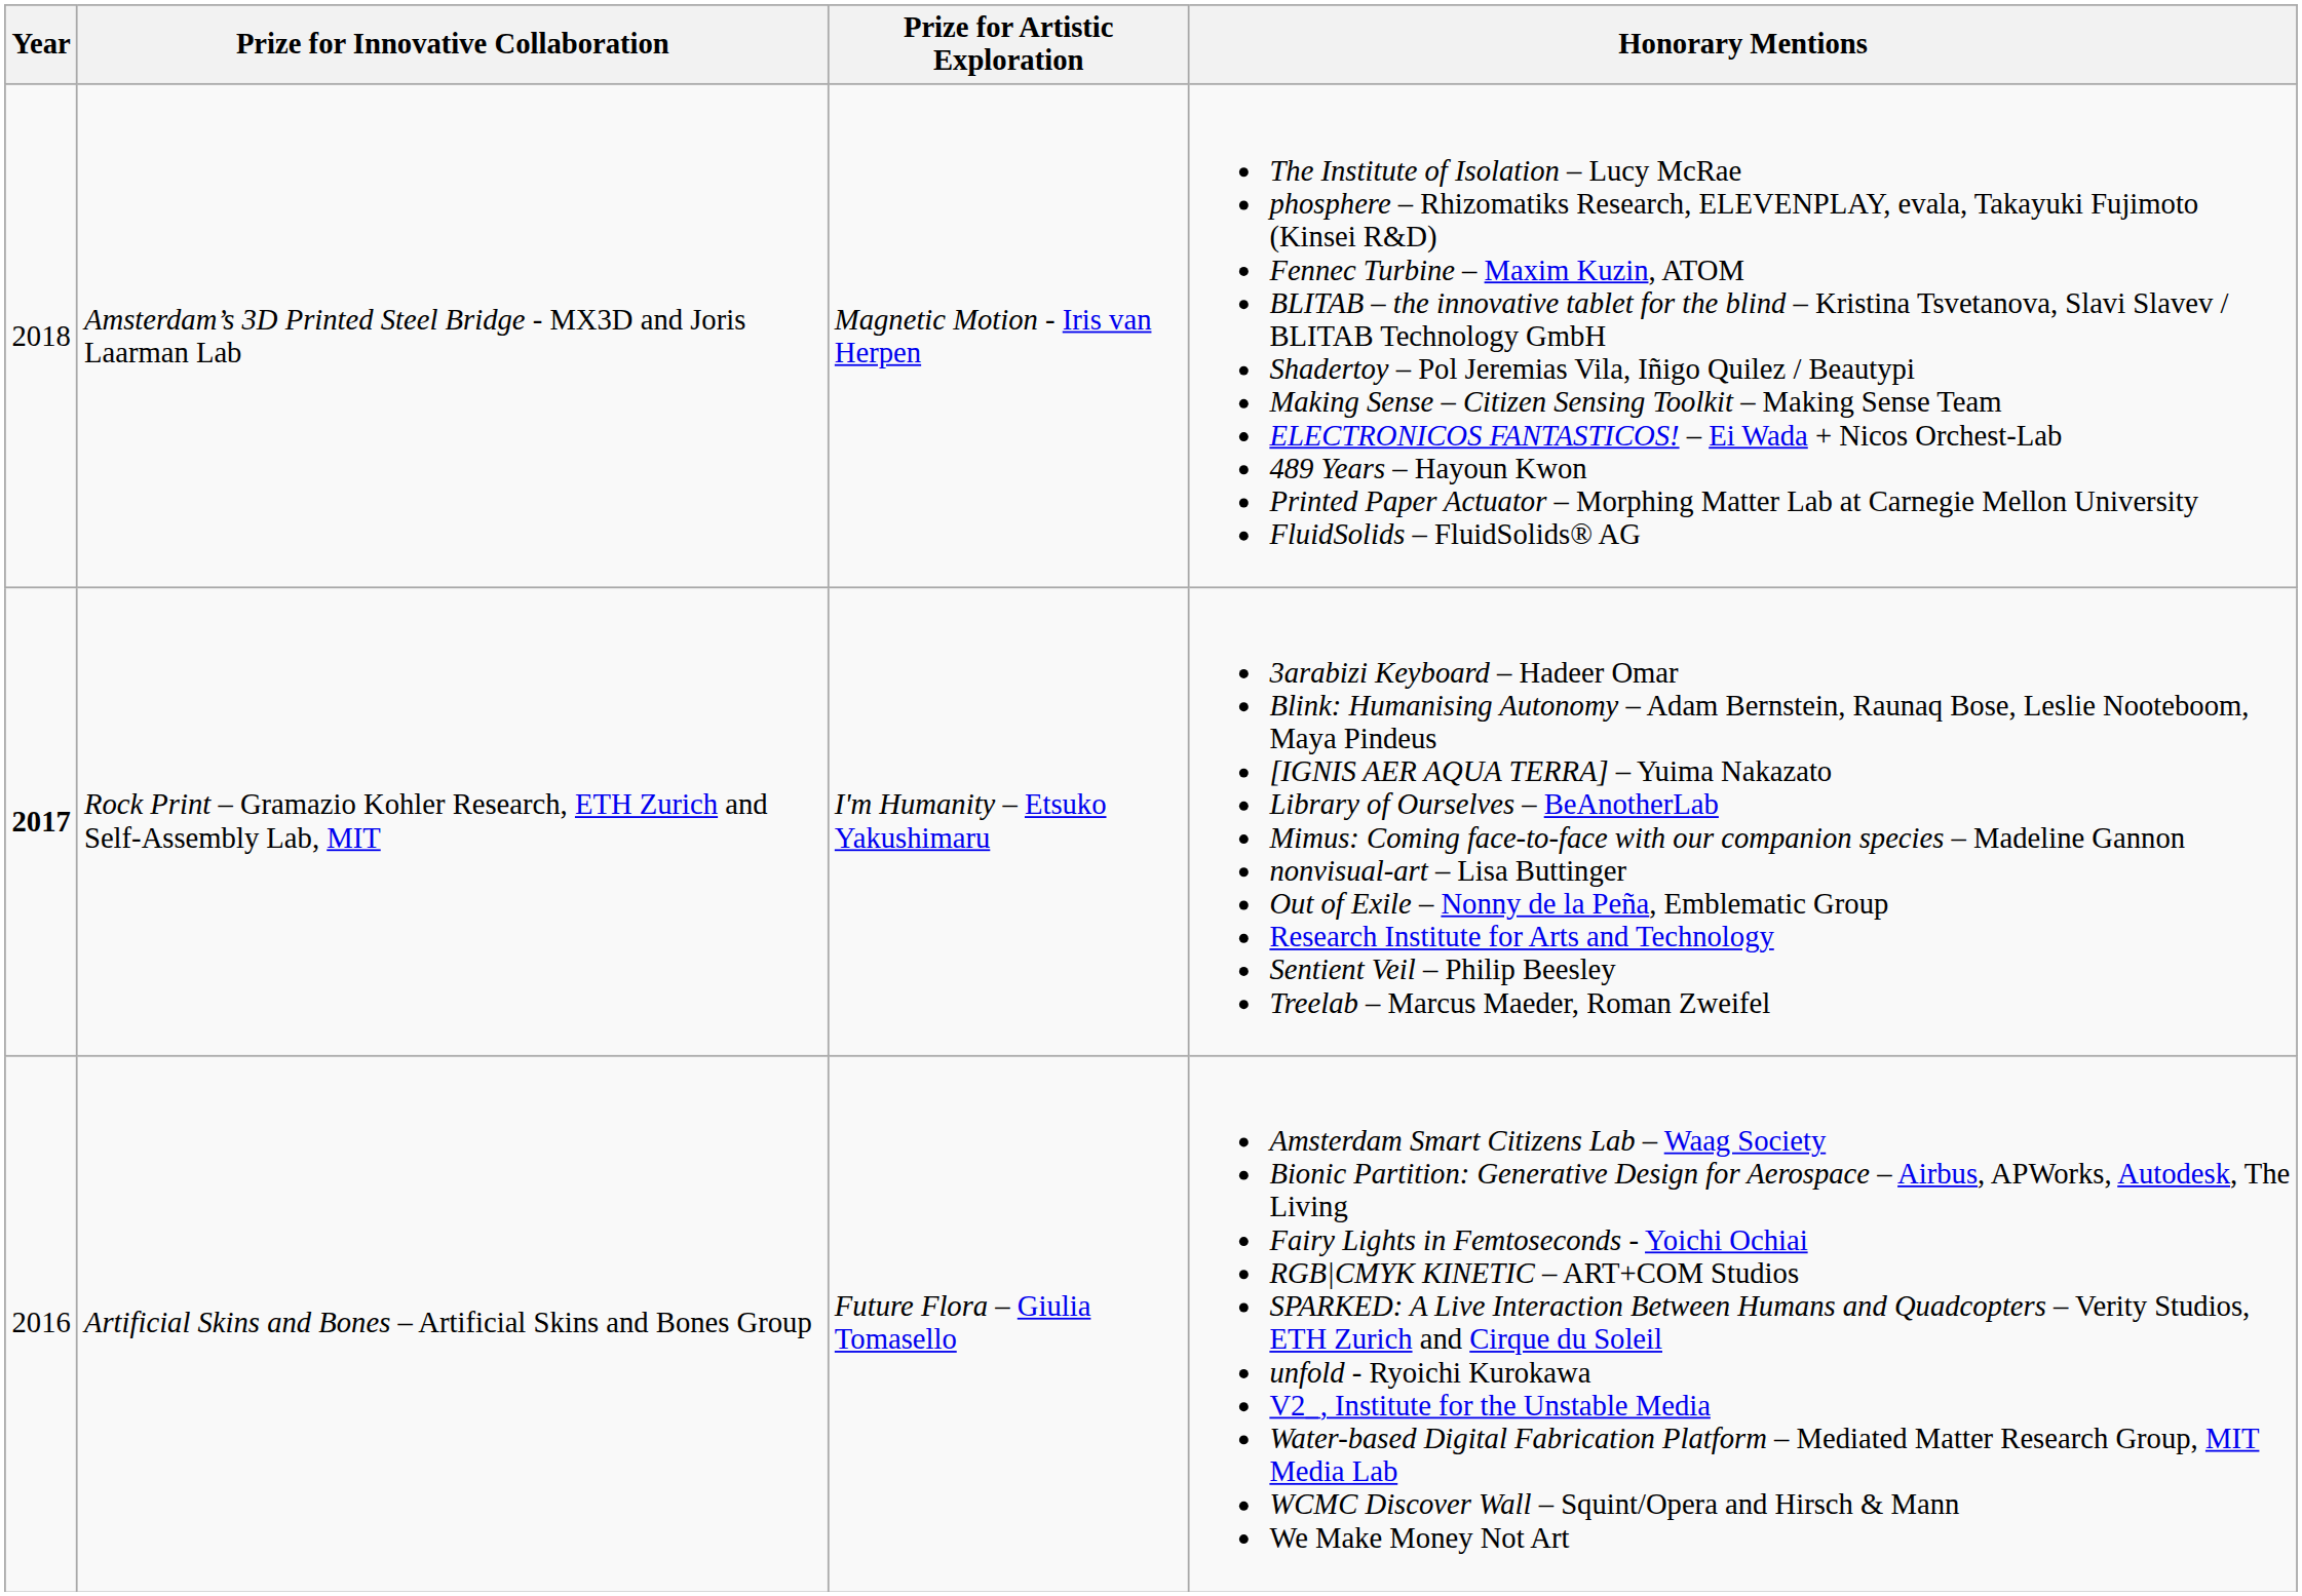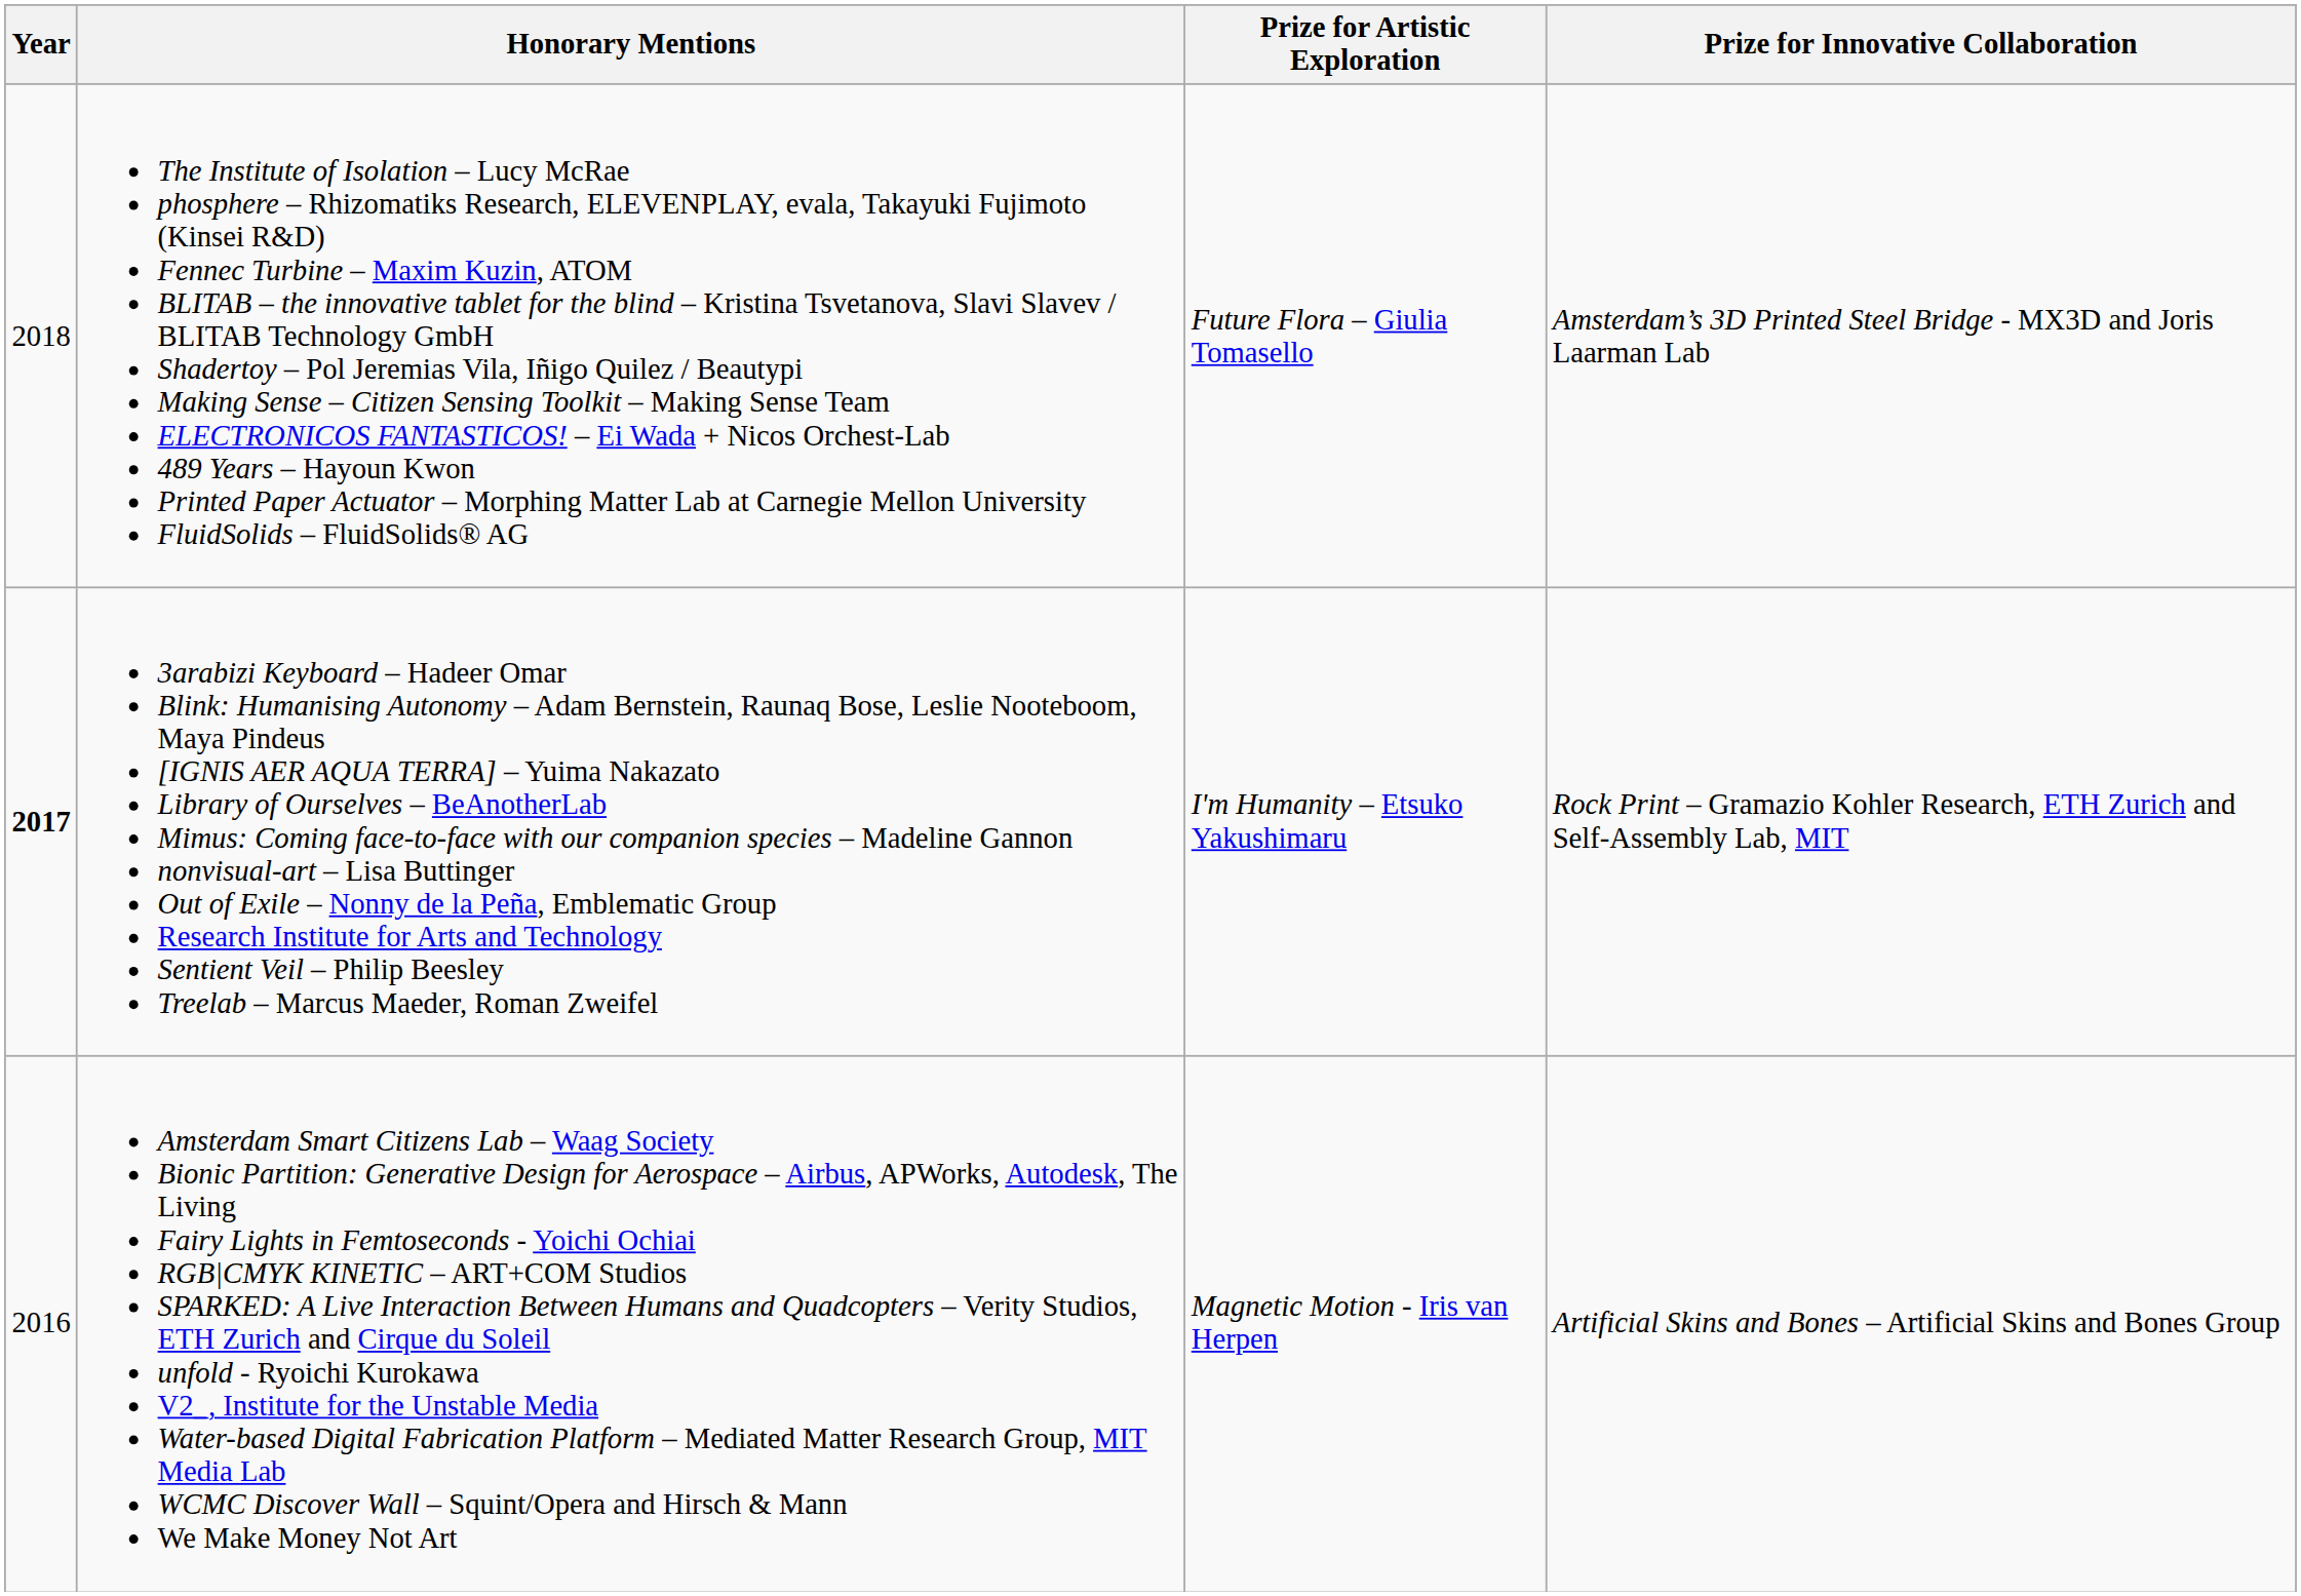 <table class="wikitable">
 <tr>
 <th>Year</th>
+<th>Honorary Mentions</th>
+<th>Prize for Artistic Exploration</th>
 <th>Prize for Innovative Collaboration</th>
-<th>Prize for Artistic Exploration</th>
-<th>Honorary Mentions</th>
 </tr>
 <tr>
 <td>2018</td>
+<td><br><ul><li><em>The Institute of Isolation</em> – Lucy McRae</li><li><em>phosphere</em> – Rhizomatiks Research, ELEVENPLAY, evala, Takayuki Fujimoto (Kinsei R&D)</li><li><em>Fennec Turbine</em> – <a href='#'>Maxim Kuzin</a>, ATOM</li><li><em>BLITAB – the innovative tablet for the blind</em> – Kristina Tsvetanova, Slavi Slavev / BLITAB Technology GmbH</li><li><em>Shadertoy</em> – Pol Jeremias Vila, Iñigo Quilez / Beautypi</li><li><em>Making Sense – Citizen Sensing Toolkit</em> – Making Sense Team</li><li><em><a href='#'>ELECTRONICOS FANTASTICOS!</a></em> – <a href='#'>Ei Wada</a> + Nicos Orchest-Lab</li><li><em>489 Years</em> – Hayoun Kwon</li><li><em>Printed Paper Actuator</em> – Morphing Matter Lab at Carnegie Mellon University</li><li><em>FluidSolids</em> – FluidSolids® AG</li></ul></td>
+<td><em>Future Flora</em> – <a href='#'>Giulia Tomasello</a></td>
 <td><em>Amsterdam’s 3D Printed Steel Bridge</em> - MX3D and Joris Laarman Lab</td>
-<td><em>Magnetic Motion -</em> <a href='#'>Iris van Herpen</a></td>
-<td><br><ul><li><em>The Institute of Isolation</em> – Lucy McRae</li><li><em>phosphere</em> – Rhizomatiks Research, ELEVENPLAY, evala, Takayuki Fujimoto (Kinsei R&D)</li><li><em>Fennec Turbine</em> – <a href='#'>Maxim Kuzin</a>, ATOM</li><li><em>BLITAB – the innovative tablet for the blind</em> – Kristina Tsvetanova, Slavi Slavev / BLITAB Technology GmbH</li><li><em>Shadertoy</em> – Pol Jeremias Vila, Iñigo Quilez / Beautypi</li><li><em>Making Sense – Citizen Sensing Toolkit</em> – Making Sense Team</li><li><em><a href='#'>ELECTRONICOS FANTASTICOS!</a></em> – <a href='#'>Ei Wada</a> + Nicos Orchest-Lab</li><li><em>489 Years</em> – Hayoun Kwon</li><li><em>Printed Paper Actuator</em> – Morphing Matter Lab at Carnegie Mellon University</li><li><em>FluidSolids</em> – FluidSolids® AG</li></ul></td>
 </tr>
 <tr>
 <td><strong>2017</strong></td>
+<td><br><ul><li><em>3arabizi Keyboard</em> – Hadeer Omar</li><li><em>Blink: Humanising Autonomy</em> – Adam Bernstein, Raunaq Bose, Leslie Nooteboom, Maya Pindeus</li><li><em>[IGNIS AER AQUA TERRA]</em> – Yuima Nakazato</li><li><em>Library of Ourselves</em> – <a href='#'>BeAnotherLab</a></li><li><em>Mimus: Coming face-to-face with our companion species</em> – Madeline Gannon</li><li><em>nonvisual-art</em> – Lisa Buttinger</li><li><em>Out of Exile</em> – <a href='#'>Nonny de la Peña</a>, Emblematic Group</li><li><a href='#'>Research Institute for Arts and Technology</a></li><li><em>Sentient Veil</em> – Philip Beesley</li><li><em>Treelab</em> – Marcus Maeder, Roman Zweifel</li></ul></td>
+<td><em>I'm Humanity</em> – <a href='#'>Etsuko Yakushimaru</a></td>
 <td><em>Rock Print</em> – Gramazio Kohler Research, <a href='#'>ETH Zurich</a> and Self-Assembly Lab, <a href='#'>MIT</a></td>
-<td><em>I'm Humanity</em> – <a href='#'>Etsuko Yakushimaru</a></td>
-<td><br><ul><li><em>3arabizi Keyboard</em> – Hadeer Omar</li><li><em>Blink: Humanising Autonomy</em> – Adam Bernstein, Raunaq Bose, Leslie Nooteboom, Maya Pindeus</li><li><em>[IGNIS AER AQUA TERRA]</em> – Yuima Nakazato</li><li><em>Library of Ourselves</em> – <a href='#'>BeAnotherLab</a></li><li><em>Mimus: Coming face-to-face with our companion species</em> – Madeline Gannon</li><li><em>nonvisual-art</em> – Lisa Buttinger</li><li><em>Out of Exile</em> – <a href='#'>Nonny de la Peña</a>, Emblematic Group</li><li><a href='#'>Research Institute for Arts and Technology</a></li><li><em>Sentient Veil</em> – Philip Beesley</li><li><em>Treelab</em> – Marcus Maeder, Roman Zweifel</li></ul></td>
 </tr>
 <tr>
 <td>2016</td>
+<td><br><ul><li><em>Amsterdam Smart Citizens Lab</em> – <a href='#'>Waag Society</a></li><li><em>Bionic Partition: Generative Design for Aerospace</em> – <a href='#'>Airbus</a>, APWorks, <a href='#'>Autodesk</a>, The Living</li><li><em>Fairy Lights in Femtoseconds -</em> <a href='#'>Yoichi Ochiai</a></li><li><em>RGB|CMYK KINETIC</em> – ART+COM Studios</li><li><em>SPARKED: A Live Interaction Between Humans and Quadcopters</em> – Verity Studios, <a href='#'>ETH Zurich</a> and <a href='#'>Cirque du Soleil</a></li><li><em>unfold -</em> Ryoichi Kurokawa</li><li><a href='#'>V2_, Institute for the Unstable Media</a></li><li><em>Water-based Digital Fabrication Platform</em> – Mediated Matter Research Group, <a href='#'>MIT Media Lab</a></li><li><em>WCMC Discover Wall</em> – Squint/Opera and Hirsch & Mann</li><li>We Make Money Not Art</li></ul></td>
+<td><em>Magnetic Motion -</em> <a href='#'>Iris van Herpen</a></td>
 <td><em>Artificial Skins and Bones</em> – Artificial Skins and Bones Group</td>
-<td><em>Future Flora</em> – <a href='#'>Giulia Tomasello</a></td>
-<td><br><ul><li><em>Amsterdam Smart Citizens Lab</em> – <a href='#'>Waag Society</a></li><li><em>Bionic Partition: Generative Design for Aerospace</em> – <a href='#'>Airbus</a>, APWorks, <a href='#'>Autodesk</a>, The Living</li><li><em>Fairy Lights in Femtoseconds -</em> <a href='#'>Yoichi Ochiai</a></li><li><em>RGB|CMYK KINETIC</em> – ART+COM Studios</li><li><em>SPARKED: A Live Interaction Between Humans and Quadcopters</em> – Verity Studios, <a href='#'>ETH Zurich</a> and <a href='#'>Cirque du Soleil</a></li><li><em>unfold -</em> Ryoichi Kurokawa</li><li><a href='#'>V2_, Institute for the Unstable Media</a></li><li><em>Water-based Digital Fabrication Platform</em> – Mediated Matter Research Group, <a href='#'>MIT Media Lab</a></li><li><em>WCMC Discover Wall</em> – Squint/Opera and Hirsch & Mann</li><li>We Make Money Not Art</li></ul></td>
 </tr>
 </table>
